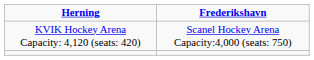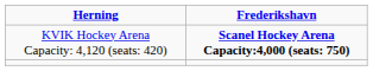 <table class="wikitable" style="text-align:center;">
 <tr>
 <td width=220px><strong><a href='#'>Herning</a></strong></td>
 <td width=220px><strong><a href='#'>Frederikshavn</a></strong></td>
 </tr>
 <tr>
 <td><a href='#'>KVIK Hockey Arena</a><br>Capacity: 4,120 (seats: 420)</td>
-<td><a href='#'>Scanel Hockey Arena</a><br>Capacity:4,000 (seats: 750)</td>
+<td><strong><a href='#'>Scanel Hockey Arena</a><br>Capacity:4,000 (seats: 750)</strong></td>
 </tr>
 <tr>
 <td></td>
 <td></td>
 </tr>
 </table>
